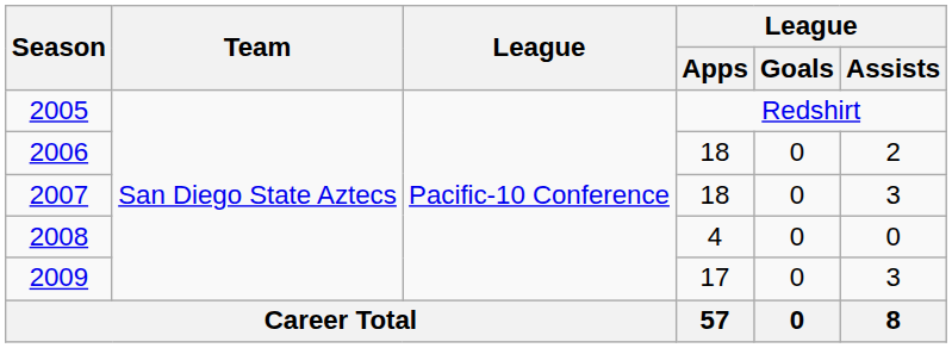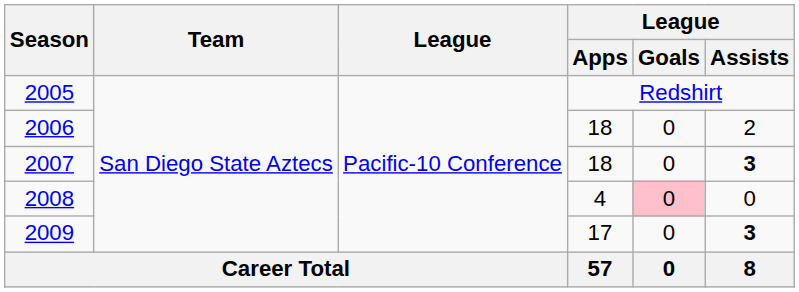 <table class="wikitable" style="text-align: center;">
 <tr>
 <th rowspan="2">Season</th>
 <th rowspan="2">Team</th>
 <th rowspan="2">League</th>
 <th colspan="3">League</th>
 </tr>
 <tr>
 <th>Apps</th>
 <th>Goals</th>
 <th>Assists</th>
 </tr>
 <tr>
 <td><a href='#'>2005</a></td>
 <td rowspan="5"><a href='#'>San Diego State Aztecs</a></td>
 <td rowspan="5"><a href='#'>Pacific-10 Conference</a></td>
 <td colspan="4"><a href='#'>Redshirt</a></td>
 </tr>
 <tr>
 <td><a href='#'>2006</a></td>
 <td>18</td>
 <td>0</td>
 <td>2</td>
 </tr>
 <tr>
 <td><a href='#'>2007</a></td>
 <td>18</td>
 <td>0</td>
-<td>3</td>
+<td><strong>3</strong></td>
 </tr>
 <tr>
 <td><a href='#'>2008</a></td>
 <td>4</td>
-<td>0</td>
+<td style="background: pink;">0</td>
 <td>0</td>
 </tr>
 <tr>
 <td><a href='#'>2009</a></td>
 <td>17</td>
 <td>0</td>
-<td>3</td>
+<td><strong>3</strong></td>
 </tr>
 <tr>
 <th colspan=3>Career Total</th>
 <th>57</th>
 <th>0</th>
 <th>8</th>
 </tr>
 </table>
